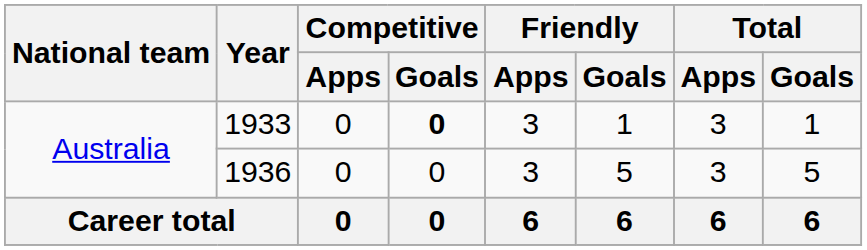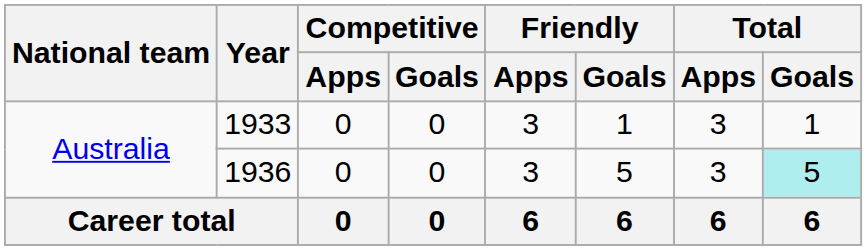 <table class="wikitable" style="text-align:center">
 <tr>
 <th rowspan="2">National team</th>
 <th rowspan="2">Year</th>
 <th colspan="2">Competitive</th>
 <th colspan="2">Friendly</th>
 <th colspan="2">Total</th>
 </tr>
 <tr>
 <th>Apps</th>
 <th>Goals</th>
 <th>Apps</th>
 <th>Goals</th>
 <th>Apps</th>
 <th>Goals</th>
 </tr>
 <tr>
 <td rowspan="2"><a href='#'>Australia</a></td>
 <td>1933</td>
 <td>0</td>
-<td><strong>0</strong></td>
+<td>0</td>
 <td>3</td>
 <td>1</td>
 <td>3</td>
 <td>1</td>
 </tr>
 <tr>
 <td>1936</td>
 <td>0</td>
 <td>0</td>
 <td>3</td>
 <td>5</td>
 <td>3</td>
-<td>5</td>
+<td style="background: paleturquoise;">5</td>
 </tr>
 <tr>
 <th colspan=2>Career total</th>
 <th>0</th>
 <th>0</th>
 <th>6</th>
 <th>6</th>
 <th>6</th>
 <th>6</th>
 </tr>
 </table>
